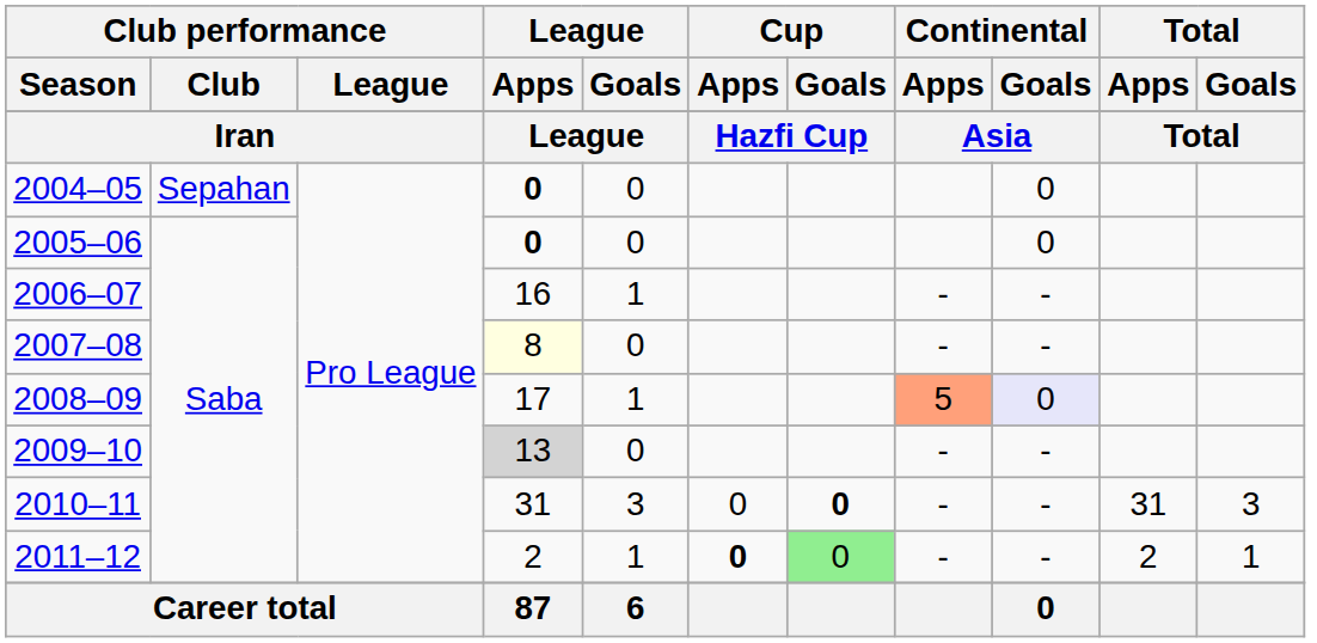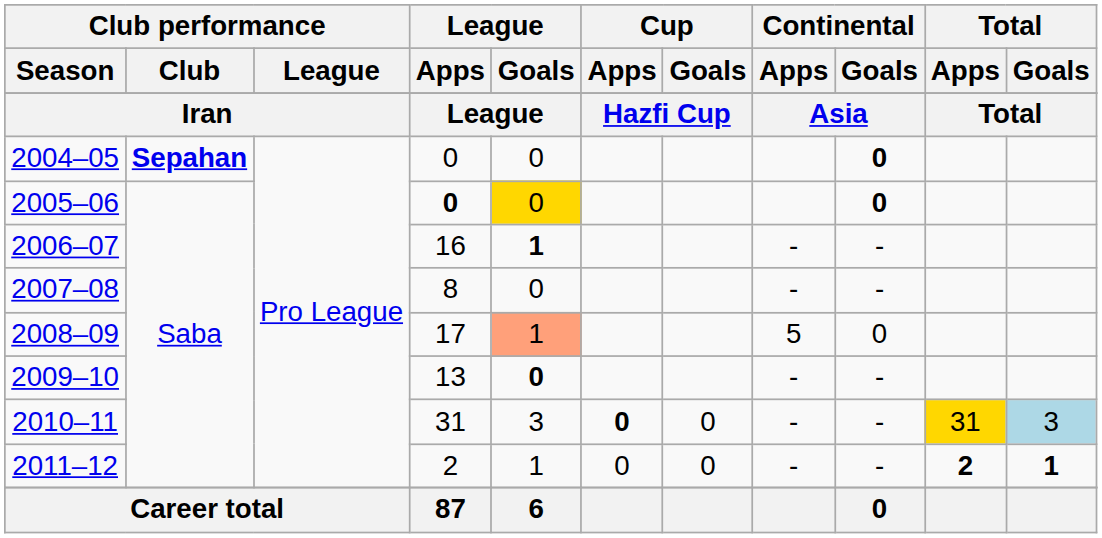 <table class="wikitable" style="text-align:center">
 <tr>
 <th colspan=3>Club performance</th>
 <th colspan=2>League</th>
 <th colspan=2>Cup</th>
 <th colspan=2>Continental</th>
 <th colspan=2>Total</th>
 </tr>
 <tr>
 <th>Season</th>
 <th>Club</th>
 <th>League</th>
 <th>Apps</th>
 <th>Goals</th>
 <th>Apps</th>
 <th>Goals</th>
 <th>Apps</th>
 <th>Goals</th>
 <th>Apps</th>
 <th>Goals</th>
 </tr>
 <tr>
 </tr>
 <tr>
 <th colspan=3>Iran</th>
 <th colspan=2>League</th>
 <th colspan=2><a href='#'>Hazfi Cup</a></th>
 <th colspan=2><a href='#'>Asia</a></th>
 <th colspan=2>Total</th>
 </tr>
 <tr>
 <td><a href='#'>2004–05</a></td>
-<td rowspan="1"><a href='#'>Sepahan</a></td>
+<td rowspan="1"><strong><a href='#'>Sepahan</a></strong></td>
 <td rowspan="8"><a href='#'>Pro League</a></td>
-<td><strong>0</strong></td>
+<td>0</td>
 <td>0</td>
 <td></td>
 <td></td>
 <td></td>
-<td>0</td>
+<td><strong>0</strong></td>
 <td></td>
 <td></td>
 </tr>
 <tr>
 <td><a href='#'>2005–06</a></td>
 <td rowspan="7"><a href='#'>Saba</a></td>
 <td><strong>0</strong></td>
-<td>0</td>
+<td style="background: gold;">0</td>
 <td></td>
 <td></td>
 <td></td>
-<td>0</td>
+<td><strong>0</strong></td>
 <td></td>
 <td></td>
 </tr>
 <tr>
 <td><a href='#'>2006–07</a></td>
 <td>16</td>
-<td>1</td>
+<td><strong>1</strong></td>
 <td></td>
 <td></td>
 <td>-</td>
 <td>-</td>
 <td></td>
 <td></td>
 </tr>
 <tr>
 <td><a href='#'>2007–08</a></td>
-<td style="background: lightyellow;">8</td>
+<td>8</td>
 <td>0</td>
 <td></td>
 <td></td>
 <td>-</td>
 <td>-</td>
 <td></td>
 <td></td>
 </tr>
 <tr>
 <td><a href='#'>2008–09</a></td>
 <td>17</td>
-<td>1</td>
+<td style="background: lightsalmon;">1</td>
 <td></td>
 <td></td>
-<td style="background: lightsalmon;">5</td>
-<td style="background: lavender;">0</td>
+<td>5</td>
+<td>0</td>
 <td></td>
 <td></td>
 </tr>
 <tr>
 <td><a href='#'>2009–10</a></td>
-<td style="background: lightgrey;">13</td>
-<td>0</td>
+<td>13</td>
+<td><strong>0</strong></td>
 <td></td>
 <td></td>
 <td>-</td>
 <td>-</td>
 <td></td>
 <td></td>
 </tr>
 <tr>
 <td><a href='#'>2010–11</a></td>
 <td>31</td>
 <td>3</td>
+<td><strong>0</strong></td>
 <td>0</td>
-<td><strong>0</strong></td>
 <td>-</td>
 <td>-</td>
-<td>31</td>
-<td>3</td>
+<td style="background: gold;">31</td>
+<td style="background: lightblue;">3</td>
 </tr>
 <tr>
 <td><a href='#'>2011–12</a></td>
 <td>2</td>
 <td>1</td>
-<td><strong>0</strong></td>
-<td style="background: lightgreen;">0</td>
+<td>0</td>
+<td>0</td>
 <td>-</td>
 <td>-</td>
-<td>2</td>
-<td>1</td>
+<td><strong>2</strong></td>
+<td><strong>1</strong></td>
 </tr>
 <tr>
 </tr>
 <tr>
 <th colspan=3>Career total</th>
 <th>87</th>
 <th>6</th>
 <th></th>
 <th></th>
 <th></th>
 <th>0</th>
 <th></th>
 <th></th>
 </tr>
 </table>
